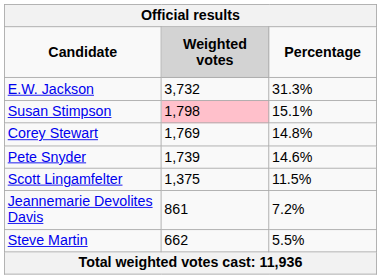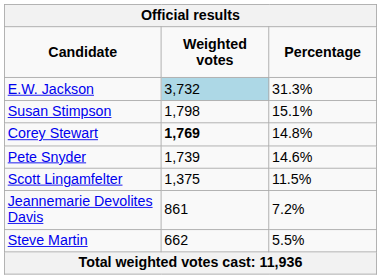 <table class="wikitable">
 <tr>
 <th colspan="3"><strong>Official results</strong></th>
 </tr>
 <tr>
 <td style="padding:10px; text-align:center; width:155px;"><strong>Candidate</strong></td>
-<td style="background: lightgrey; padding:10px; text-align:center; width:100px;"><strong>Weighted votes</strong></td>
+<td style="padding:10px; text-align:center; width:100px;"><strong>Weighted votes</strong></td>
 <td style="padding:10px; text-align:center; width:100px;"><strong>Percentage</strong><br></td>
 </tr>
 <tr>
 <td><a href='#'>E.W. Jackson</a></td>
-<td>3,732</td>
+<td style="background: lightblue;">3,732</td>
 <td>31.3%</td>
 </tr>
 <tr>
 <td><a href='#'>Susan Stimpson</a></td>
-<td style="background: pink;">1,798</td>
+<td>1,798</td>
 <td>15.1%</td>
 </tr>
 <tr>
 <td><a href='#'>Corey Stewart</a></td>
-<td>1,769</td>
+<td><strong>1,769</strong></td>
 <td>14.8%</td>
 </tr>
 <tr>
 <td><a href='#'>Pete Snyder</a></td>
 <td>1,739</td>
 <td>14.6%</td>
 </tr>
 <tr>
 <td><a href='#'>Scott Lingamfelter</a></td>
 <td>1,375</td>
 <td>11.5%</td>
 </tr>
 <tr>
 <td><a href='#'>Jeannemarie Devolites Davis</a></td>
 <td>861</td>
 <td>7.2%</td>
 </tr>
 <tr>
 <td><a href='#'>Steve Martin</a></td>
 <td>662</td>
 <td>5.5%</td>
 </tr>
 <tr>
 <th colspan="3">Total weighted votes cast: 11,936</th>
 </tr>
 </table>
